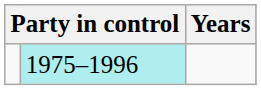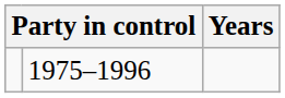 <table class="wikitable">
 <tr>
 <th colspan="2">Party in control</th>
 <th>Years</th>
 </tr>
 <tr>
 <td></td>
-<td style="background: paleturquoise;">1975–1996</td>
+<td>1975–1996</td>
 </tr>
 </table>
